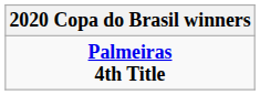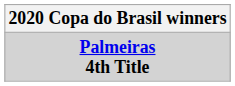 <table class="wikitable" style="text-align: center; margin: 0 auto;">
 <tr>
 <th>2020 Copa do Brasil winners</th>
 </tr>
 <tr>
-<td><strong><a href='#'>Palmeiras</a></strong><br><strong>4th Title</strong></td>
+<td style="background: lightgrey;"><strong><a href='#'>Palmeiras</a></strong><br><strong>4th Title</strong></td>
 </tr>
 </table>
